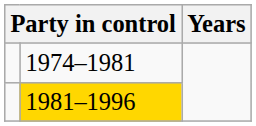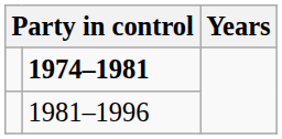 <table class="wikitable">
 <tr>
 <th colspan="2">Party in control</th>
 <th>Years</th>
 </tr>
 <tr>
 <td></td>
-<td>1974–1981</td>
+<td><strong>1974–1981</strong></td>
 </tr>
 <tr>
 <td></td>
-<td style="background: gold;">1981–1996</td>
+<td>1981–1996</td>
 </tr>
 </table>
